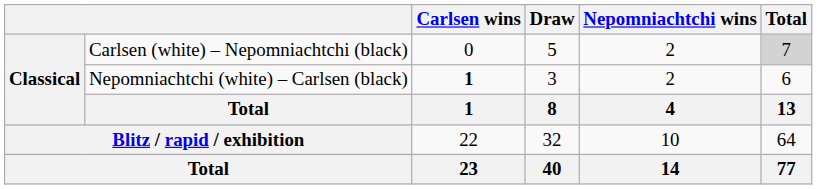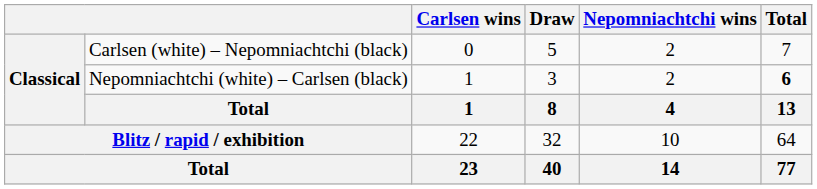 <table class="wikitable">
 <tr>
 <th colspan=2></th>
 <th><a href='#'>Carlsen</a> wins</th>
 <th>Draw</th>
 <th><a href='#'>Nepomniachtchi</a> wins</th>
 <th>Total</th>
 </tr>
 <tr align=center>
 <th rowspan=3>Classical</th>
 <td>Carlsen (white) – Nepomniachtchi (black)</td>
 <td>0</td>
 <td>5</td>
 <td>2</td>
-<td style="background: lightgrey;">7</td>
+<td>7</td>
 </tr>
 <tr align=center>
 <td>Nepomniachtchi (white) – Carlsen (black)</td>
-<td><strong>1</strong></td>
+<td>1</td>
 <td>3</td>
 <td>2</td>
-<td>6</td>
+<td><strong>6</strong></td>
 </tr>
 <tr>
 <th>Total</th>
 <th>1</th>
 <th>8</th>
 <th>4</th>
 <th>13</th>
 </tr>
 <tr align=center>
 <th colspan=2><a href='#'>Blitz</a> / <a href='#'>rapid</a> / exhibition</th>
 <td>22</td>
 <td>32</td>
 <td>10</td>
 <td>64</td>
 </tr>
 <tr>
 <th colspan=2>Total</th>
 <th>23</th>
 <th>40</th>
 <th>14</th>
 <th>77</th>
 </tr>
 </table>
